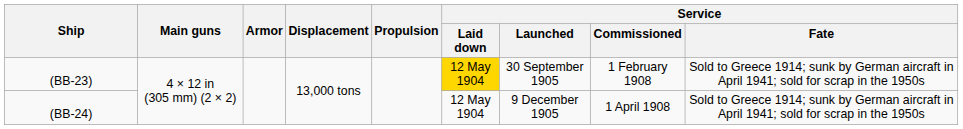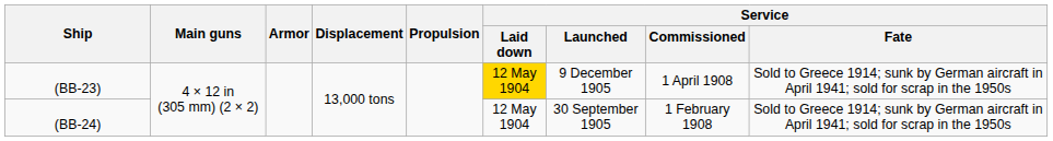 <table class="wikitable" style="width:98%;">
 <tr valign="center">
 <th scope="col" rowspan="2" style="text-align:center; width:14%;">Ship</th>
 <th scope="col" style="text-align:center;" rowspan="2">Main guns</th>
 <th scope="col" style="text-align:center;" rowspan="2">Armor</th>
 <th scope="col" style="text-align:center;" rowspan="2">Displacement</th>
 <th scope="col" style="text-align:center;" rowspan="2">Propulsion</th>
 <th scope="col" style="text-align:center;" colspan="4">Service</th>
 </tr>
 <tr valign="top">
 <th scope="col" style="text-align:center;">Laid down</th>
 <th scope="col" style="text-align:center;">Launched</th>
 <th scope="col" style="text-align:center;">Commissioned</th>
 <th scope="col" style="text-align:center;">Fate</th>
 </tr>
 <tr>
 <td style="text-align:center"><br>(BB-23)</td>
 <td style="text-align:center;" rowspan="5">4 × 12 in (305 mm) (2 × 2)</td>
 <td style="text-align:center;" rowspan="5"></td>
 <td style="text-align:center;" rowspan="5">13,000 tons</td>
 <td style="text-align:center;" rowspan="5"></td>
 <td style="background: gold; text-align:center">12 May 1904</td>
-<td style="text-align:center">30 September 1905</td>
-<td style="text-align:center">1 February 1908</td>
+<td style="text-align:center">9 December 1905</td>
+<td style="text-align:center">1 April 1908</td>
 <td style="text-align:center">Sold to Greece 1914; sunk by German aircraft in April 1941; sold for scrap in the 1950s</td>
 </tr>
 <tr>
 <td style="text-align:center"><br>(BB-24)</td>
 <td style="text-align:center">12 May 1904</td>
-<td style="text-align:center">9 December 1905</td>
-<td style="text-align:center">1 April 1908</td>
+<td style="text-align:center">30 September 1905</td>
+<td style="text-align:center">1 February 1908</td>
 <td style="text-align:center">Sold to Greece 1914; sunk by German aircraft in April 1941; sold for scrap in the 1950s</td>
 </tr>
 </table>
